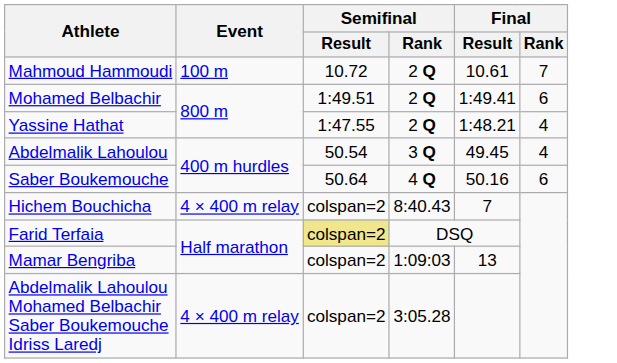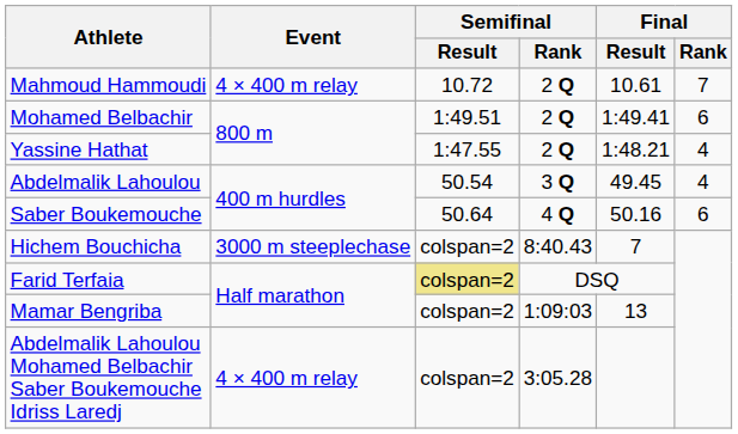 <table class="wikitable" style="font-size:90%">
 <tr>
 <th rowspan="2">Athlete</th>
 <th rowspan="2">Event</th>
 <th colspan="2">Semifinal</th>
 <th colspan="2">Final</th>
 </tr>
 <tr style="font-size:95%">
 <th>Result</th>
 <th>Rank</th>
 <th>Result</th>
 <th>Rank</th>
 </tr>
 <tr align=center>
 <td align=left><a href='#'>Mahmoud Hammoudi</a></td>
-<td align=left><a href='#'>100 m</a></td>
+<td align=left><a href='#'>4 × 400 m relay</a></td>
 <td>10.72</td>
 <td>2 <strong>Q</strong></td>
 <td>10.61</td>
 <td>7</td>
 </tr>
 <tr align=center>
 <td align=left><a href='#'>Mohamed Belbachir</a></td>
 <td align=left rowspan=2><a href='#'>800 m</a></td>
 <td>1:49.51</td>
 <td>2 <strong>Q</strong></td>
 <td>1:49.41</td>
 <td>6</td>
 </tr>
 <tr align=center>
 <td align=left><a href='#'>Yassine Hathat</a></td>
 <td>1:47.55</td>
 <td>2 <strong>Q</strong></td>
 <td>1:48.21</td>
 <td>4</td>
 </tr>
 <tr align=center>
 <td align=left><a href='#'>Abdelmalik Lahoulou</a></td>
 <td align=left rowspan=2><a href='#'>400 m hurdles</a></td>
 <td>50.54</td>
 <td>3 <strong>Q</strong></td>
 <td>49.45</td>
 <td>4</td>
 </tr>
 <tr align=center>
 <td align=left><a href='#'>Saber Boukemouche</a></td>
 <td>50.64</td>
 <td>4 <strong>Q</strong></td>
 <td>50.16</td>
 <td>6</td>
 </tr>
 <tr align=center>
 <td align=left><a href='#'>Hichem Bouchicha</a></td>
-<td align=left><a href='#'>4 × 400 m relay</a></td>
+<td><a href='#'>3000 m steeplechase</a></td>
 <td>colspan=2 </td>
 <td>8:40.43</td>
 <td>7</td>
 </tr>
 <tr align=center>
 <td align=left><a href='#'>Farid Terfaia</a></td>
 <td align=left rowspan=2><a href='#'>Half marathon</a></td>
 <td style="background: khaki;">colspan=2 </td>
 <td colspan=2>DSQ</td>
 </tr>
 <tr align=center>
 <td align=left><a href='#'>Mamar Bengriba</a></td>
 <td>colspan=2 </td>
 <td>1:09:03</td>
 <td>13</td>
 </tr>
 <tr align=center>
 <td align=left><a href='#'>Abdelmalik Lahoulou</a><br><a href='#'>Mohamed Belbachir</a><br><a href='#'>Saber Boukemouche</a><br><a href='#'>Idriss Laredj</a></td>
 <td align=left><a href='#'>4 × 400 m relay</a></td>
 <td>colspan=2 </td>
 <td>3:05.28</td>
 <td></td>
 </tr>
 </table>
